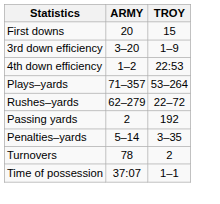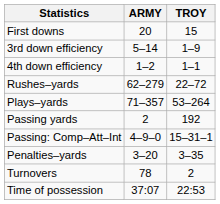 <table class="wikitable">
 <tr>
 <th>Statistics</th>
 <th>ARMY</th>
 <th>TROY</th>
 </tr>
 <tr>
 <td>First downs</td>
 <td align=center>20</td>
 <td align=center>15</td>
 </tr>
 <tr>
 <td>3rd down efficiency</td>
-<td align=center>3–20</td>
+<td align=center>5–14</td>
 <td align=center>1–9</td>
 </tr>
 <tr>
 <td>4th down efficiency</td>
 <td align=center>1–2</td>
-<td align=center>22:53</td>
+<td align=center>1–1</td>
+</tr>
+<tr>
+<td>Rushes–yards</td>
+<td align=center>62–279</td>
+<td align=center>22–72</td>
 </tr>
 <tr>
 <td>Plays–yards</td>
 <td align=center>71–357</td>
 <td align=center>53–264</td>
 </tr>
 <tr>
-<td>Rushes–yards</td>
-<td align=center>62–279</td>
-<td align=center>22–72</td>
-</tr>
-<tr>
 <td>Passing yards</td>
 <td align=center>2</td>
 <td align=center>192</td>
 </tr>
 <tr>
+<td>Passing: Comp–Att–Int</td>
+<td align=center>4–9–0</td>
+<td align=center>15–31–1</td>
+</tr>
+<tr>
 <td>Penalties–yards</td>
-<td align=center>5–14</td>
+<td align=center>3–20</td>
 <td align=center>3–35</td>
 </tr>
 <tr>
 <td>Turnovers</td>
 <td align=center>78</td>
 <td align=center>2</td>
 </tr>
 <tr>
 <td>Time of possession</td>
 <td align=center>37:07</td>
-<td align=center>1–1</td>
+<td align=center>22:53</td>
 </tr>
 </table>
